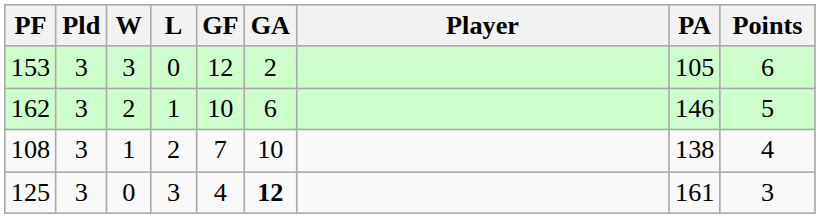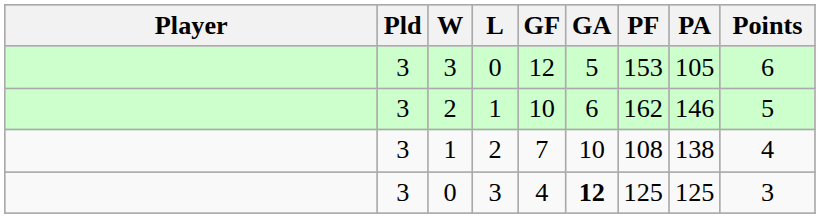 <table class=wikitable style="text-align:center">
 <tr>
-<th width=20>PF</th>
+<th width=220>Player</th>
 <th width=20>Pld</th>
 <th width=20>W</th>
 <th width=20>L</th>
 <th width=20>GF</th>
 <th width=20>GA</th>
-<th width=220>Player</th>
+<th width=20>PF</th>
 <th width=20>PA</th>
 <th width=50>Points</th>
 </tr>
 <tr bgcolor="#ccffcc">
-<td>153</td>
+<td align=left></td>
 <td>3</td>
 <td>3</td>
 <td>0</td>
 <td>12</td>
-<td>2</td>
-<td align=left></td>
+<td>5</td>
+<td>153</td>
 <td>105</td>
 <td>6</td>
 </tr>
 <tr bgcolor="#ccffcc">
-<td>162</td>
+<td align=left></td>
 <td>3</td>
 <td>2</td>
 <td>1</td>
 <td>10</td>
 <td>6</td>
-<td align=left></td>
+<td>162</td>
 <td>146</td>
 <td>5</td>
 </tr>
 <tr>
-<td>108</td>
+<td align=left></td>
 <td>3</td>
 <td>1</td>
 <td>2</td>
 <td>7</td>
 <td>10</td>
-<td align=left></td>
+<td>108</td>
 <td>138</td>
 <td>4</td>
 </tr>
 <tr>
-<td>125</td>
+<td align=left></td>
 <td>3</td>
 <td>0</td>
 <td>3</td>
 <td>4</td>
 <td><strong>12</strong></td>
-<td align=left></td>
-<td>161</td>
+<td>125</td>
+<td>125</td>
 <td>3</td>
 </tr>
 </table>
